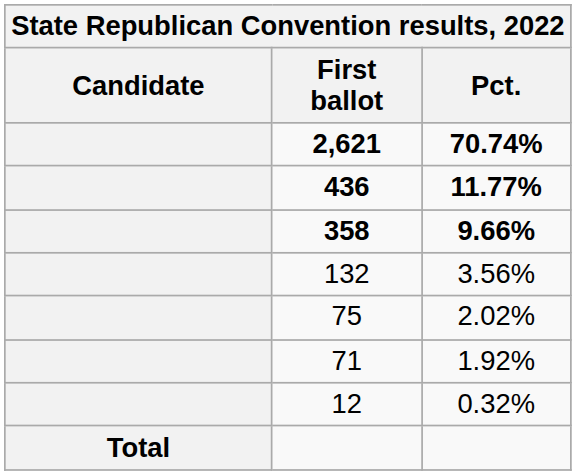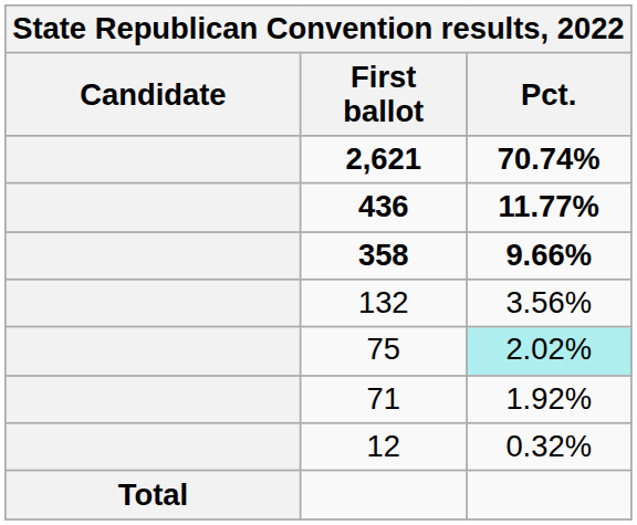 <table class="wikitable sortable plainrowheaders">
 <tr>
 <th colspan="5" >State Republican Convention results, 2022</th>
 </tr>
 <tr style="background:#eee; text-align:center;">
 <th scope="col">Candidate</th>
 <th scope="col"  style="width: 5em">First ballot</th>
 <th scope="col"  style="width: 5em">Pct.</th>
 </tr>
 <tr>
 <th scope="row"></th>
 <td style="text-align:center;"><strong>2,621</strong></td>
 <td style="text-align:center;"><strong>70.74%</strong></td>
 </tr>
 <tr>
 <th scope="row"></th>
 <td style="text-align:center;"><strong>436</strong></td>
 <td style="text-align:center;"><strong>11.77%</strong></td>
 </tr>
 <tr>
 <th scope="row"></th>
 <td style="text-align:center;"><strong>358</strong></td>
 <td style="text-align:center;"><strong>9.66%</strong></td>
 </tr>
 <tr>
 <th scope="row"></th>
 <td style="text-align:center;">132</td>
 <td style="text-align:center;">3.56%</td>
 </tr>
 <tr>
 <th scope="row"></th>
 <td style="text-align:center;">75</td>
-<td style="text-align:center;">2.02%</td>
+<td style="background: paleturquoise; text-align:center;">2.02%</td>
 </tr>
 <tr>
 <th scope="row"></th>
 <td style="text-align:center;">71</td>
 <td style="text-align:center;">1.92%</td>
 </tr>
 <tr>
 <th scope="row"></th>
 <td style="text-align:center;">12</td>
 <td style="text-align:center;">0.32%</td>
 </tr>
 <tr>
 <th scope="row"><strong>Total</strong></th>
 <td style="text-align:center;"><strong></strong></td>
 <td style="text-align:center;"><strong></strong></td>
 </tr>
 </table>
